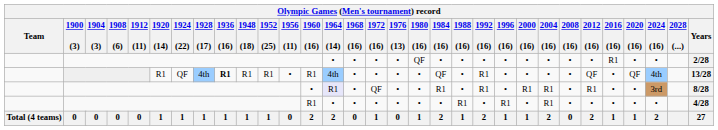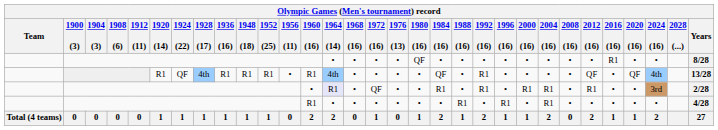 <table class="wikitable" style="text-align:center; font-size:80%;">
 <tr>
 <th colspan="32"><a href='#'>Olympic Games</a> (<a href='#'>Men's tournament</a>) record</th>
 </tr>
 <tr>
 <th>Team</th>
 <th><a href='#'>1900</a><br><br>(3)</th>
 <th colspan="2"><a href='#'>1904</a><br><br>(3)</th>
 <th><a href='#'>1908</a><br><br>(6)</th>
 <th><a href='#'>1912</a><br><br>(11)</th>
 <th><a href='#'>1920</a><br><br>(14)</th>
 <th><a href='#'>1924</a><br><br>(22)</th>
 <th><a href='#'>1928</a><br><br>(17)</th>
 <th><a href='#'>1936</a><br><br>(16)</th>
 <th><a href='#'>1948</a><br><br>(18)</th>
 <th><a href='#'>1952</a><br><br>(25)</th>
 <th><a href='#'>1956</a><br><br>(11)</th>
 <th><a href='#'>1960</a><br><br>(16)</th>
 <th><a href='#'>1964</a><br><br>(14)</th>
 <th><a href='#'>1968</a><br><br>(16)</th>
 <th><a href='#'>1972</a><br><br>(16)</th>
 <th><a href='#'>1976</a><br><br>(13)</th>
 <th><a href='#'>1980</a><br><br>(16)</th>
 <th><a href='#'>1984</a><br><br>(16)</th>
 <th><a href='#'>1988</a><br><br>(16)</th>
 <th><a href='#'>1992</a><br><br>(16)</th>
 <th><a href='#'>1996</a><br><br>(16)</th>
 <th><a href='#'>2000</a><br><br>(16)</th>
 <th><a href='#'>2004</a><br><br>(16)</th>
 <th><a href='#'>2008</a><br><br>(16)</th>
 <th><a href='#'>2012</a><br><br>(16)</th>
 <th><a href='#'>2016</a><br><br>(16)</th>
 <th><a href='#'>2020</a><br><br>(16)</th>
 <th><a href='#'>2024</a><br><br>(16)</th>
 <th><a href='#'>2028</a><br><br>(...)</th>
 <th>Years</th>
 </tr>
 <tr>
 <td align=left></td>
 <td colspan=13><em></em></td>
 <td>•</td>
 <td>•</td>
 <td>•</td>
 <td>•</td>
 <td>QF<br></td>
 <td>•</td>
 <td>•</td>
 <td>•</td>
 <td>•</td>
 <td>•</td>
 <td>•</td>
 <td>•</td>
 <td>•</td>
 <td>R1<br></td>
 <td>•</td>
 <td>•</td>
 <td></td>
-<th>2/28</th>
+<th>8/28</th>
 </tr>
 <tr>
 <td align=left></td>
 <td colspan="5" style="background:#efefef;"></td>
 <td>R1<br></td>
 <td>QF<br></td>
 <td bgcolor=9acdff>4th</td>
-<td><strong>R1<br></strong></td>
+<td>R1<br></td>
 <td>R1<br></td>
 <td>R1<br></td>
 <td>•</td>
 <td>R1<br></td>
 <td bgcolor=9acdff>4th</td>
 <td>•</td>
 <td>•</td>
 <td>•</td>
 <td>•</td>
 <td>QF<br></td>
 <td>•</td>
 <td>R1<br></td>
 <td>•</td>
 <td>•</td>
 <td>•</td>
 <td>•</td>
 <td>QF<br></td>
 <td>•</td>
 <td>QF<br></td>
 <td bgcolor=9acdff>4th</td>
 <td></td>
 <th>13/28</th>
 </tr>
 <tr>
 <td align=left></td>
 <td colspan=12><em></em></td>
 <td>•</td>
 <td style="background: lavender;">R1<br></td>
 <td>•</td>
 <td>QF<br></td>
 <td>•</td>
 <td>•</td>
 <td>R1<br></td>
 <td>•</td>
 <td>R1<br></td>
 <td>•</td>
 <td>R1<br></td>
 <td>R1<br></td>
 <td>•</td>
 <td>R1<br></td>
 <td>•</td>
 <td>•</td>
 <td bgcolor=cc9966>3rd</td>
 <td></td>
-<th>8/28</th>
+<th>2/28</th>
 </tr>
 <tr>
 <td align=left></td>
 <td colspan=12><em></em></td>
 <td>R1<br></td>
 <td>•</td>
 <td>•</td>
 <td>•</td>
 <td>•</td>
 <td>•</td>
 <td>•</td>
 <td>R1<br></td>
 <td>•</td>
 <td>R1<br></td>
 <td>•</td>
 <td>R1<br></td>
 <td>•</td>
 <td>•</td>
 <td>•</td>
 <td>•</td>
 <td>•</td>
 <td></td>
 <th>4/28</th>
 </tr>
 <tr>
 <th align=left>Total (4 teams)</th>
 <th colspan=2>0</th>
 <th>0</th>
 <th>0</th>
 <th>0</th>
 <th>1</th>
 <th>1</th>
 <th>1</th>
 <th>1</th>
 <th>1</th>
 <th>1</th>
 <th>0</th>
 <th>2</th>
 <th>2</th>
 <th>0</th>
 <th>1</th>
 <th>0</th>
 <th>1</th>
 <th>2</th>
 <th>1</th>
 <th>2</th>
 <th>1</th>
 <th>1</th>
 <th>2</th>
 <th>0</th>
 <th>2</th>
 <th>1</th>
 <th>1</th>
 <th>2</th>
 <th></th>
 <th>27</th>
 </tr>
 </table>
